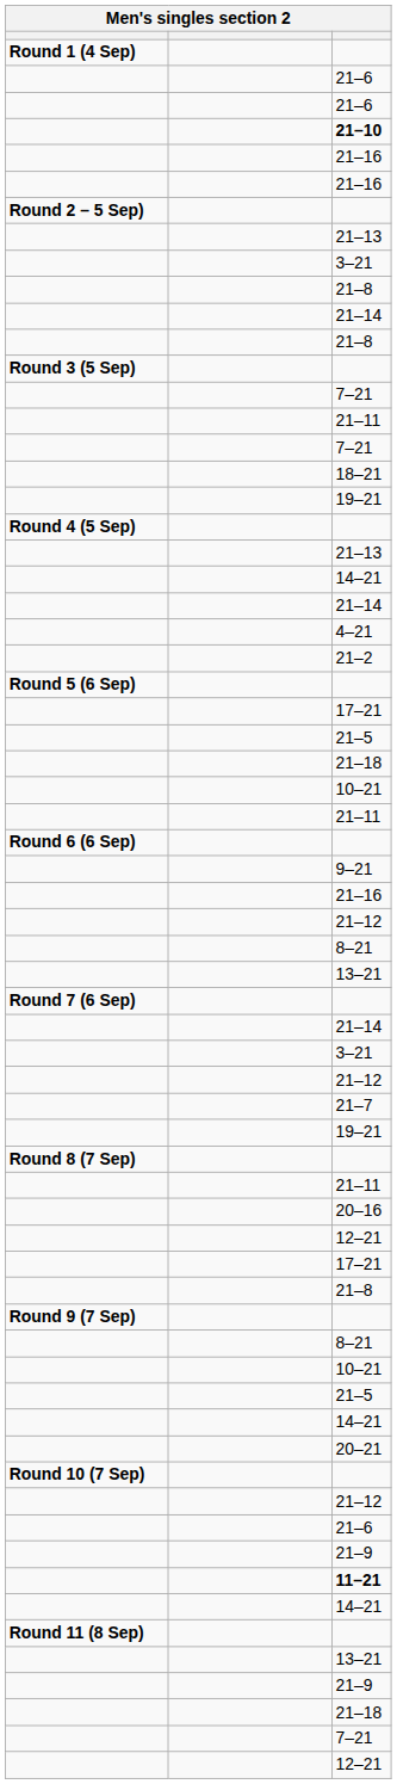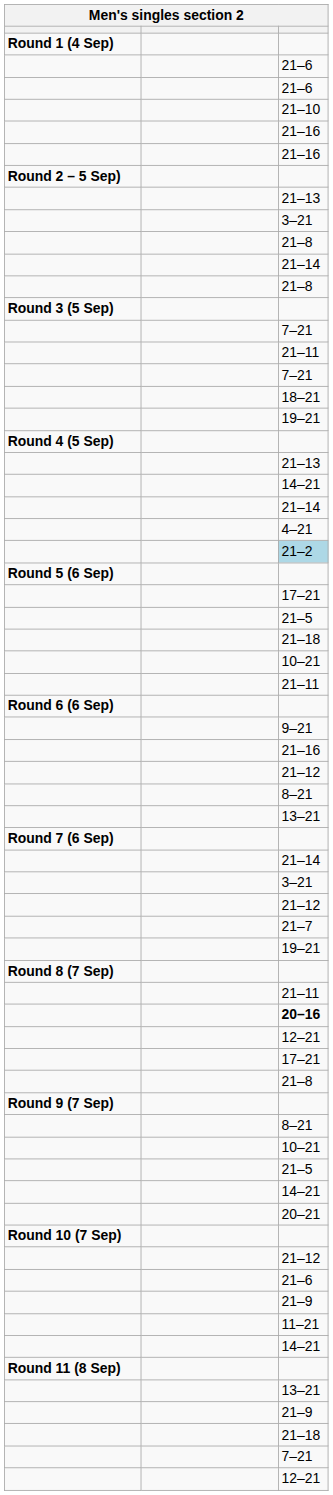 <table class="wikitable">
 <tr>
 <th colspan="3">Men's singles section 2</th>
 </tr>
 <tr>
 <th width=150></th>
 <th width=150></th>
 <th width=50></th>
 </tr>
 <tr>
 <td><strong>Round 1 (4 Sep)</strong></td>
 <td></td>
 <td></td>
 </tr>
 <tr>
 <td></td>
 <td></td>
 <td>21–6</td>
 </tr>
 <tr>
 <td></td>
 <td></td>
 <td>21–6</td>
 </tr>
 <tr>
 <td></td>
 <td></td>
-<td><strong>21–10</strong></td>
+<td>21–10</td>
 </tr>
 <tr>
 <td></td>
 <td></td>
 <td>21–16</td>
 </tr>
 <tr>
 <td></td>
 <td></td>
 <td>21–16</td>
 </tr>
 <tr>
 <td><strong>Round 2 – 5 Sep)</strong></td>
 <td></td>
 <td></td>
 </tr>
 <tr>
 <td></td>
 <td></td>
 <td>21–13</td>
 </tr>
 <tr>
 <td></td>
 <td></td>
 <td>3–21</td>
 </tr>
 <tr>
 <td></td>
 <td></td>
 <td>21–8</td>
 </tr>
 <tr>
 <td></td>
 <td></td>
 <td>21–14</td>
 </tr>
 <tr>
 <td></td>
 <td></td>
 <td>21–8</td>
 </tr>
 <tr>
 <td><strong>Round 3 (5 Sep)</strong></td>
 <td></td>
 <td></td>
 </tr>
 <tr>
 <td></td>
 <td></td>
 <td>7–21</td>
 </tr>
 <tr>
 <td></td>
 <td></td>
 <td>21–11</td>
 </tr>
 <tr>
 <td></td>
 <td></td>
 <td>7–21</td>
 </tr>
 <tr>
 <td></td>
 <td></td>
 <td>18–21</td>
 </tr>
 <tr>
 <td></td>
 <td></td>
 <td>19–21</td>
 </tr>
 <tr>
 <td><strong>Round 4 (5 Sep)</strong></td>
 <td></td>
 <td></td>
 </tr>
 <tr>
 <td></td>
 <td></td>
 <td>21–13</td>
 </tr>
 <tr>
 <td></td>
 <td></td>
 <td>14–21</td>
 </tr>
 <tr>
 <td></td>
 <td></td>
 <td>21–14</td>
 </tr>
 <tr>
 <td></td>
 <td></td>
 <td>4–21</td>
 </tr>
 <tr>
 <td></td>
 <td></td>
-<td>21–2</td>
+<td style="background: lightblue;">21–2</td>
 </tr>
 <tr>
 <td><strong>Round 5 (6 Sep)</strong></td>
 <td></td>
 <td></td>
 </tr>
 <tr>
 <td></td>
 <td></td>
 <td>17–21</td>
 </tr>
 <tr>
 <td></td>
 <td></td>
 <td>21–5</td>
 </tr>
 <tr>
 <td></td>
 <td></td>
 <td>21–18</td>
 </tr>
 <tr>
 <td></td>
 <td></td>
 <td>10–21</td>
 </tr>
 <tr>
 <td></td>
 <td></td>
 <td>21–11</td>
 </tr>
 <tr>
 <td><strong>Round 6 (6 Sep)</strong></td>
 <td></td>
 <td></td>
 </tr>
 <tr>
 <td></td>
 <td></td>
 <td>9–21</td>
 </tr>
 <tr>
 <td></td>
 <td></td>
 <td>21–16</td>
 </tr>
 <tr>
 <td></td>
 <td></td>
 <td>21–12</td>
 </tr>
 <tr>
 <td></td>
 <td></td>
 <td>8–21</td>
 </tr>
 <tr>
 <td></td>
 <td></td>
 <td>13–21</td>
 </tr>
 <tr>
 <td><strong>Round 7 (6 Sep)</strong></td>
 <td></td>
 <td></td>
 </tr>
 <tr>
 <td></td>
 <td></td>
 <td>21–14</td>
 </tr>
 <tr>
 <td></td>
 <td></td>
 <td>3–21</td>
 </tr>
 <tr>
 <td></td>
 <td></td>
 <td>21–12</td>
 </tr>
 <tr>
 <td></td>
 <td></td>
 <td>21–7</td>
 </tr>
 <tr>
 <td></td>
 <td></td>
 <td>19–21</td>
 </tr>
 <tr>
 <td><strong>Round 8 (7 Sep)</strong></td>
 <td></td>
 <td></td>
 </tr>
 <tr>
 <td></td>
 <td></td>
 <td>21–11</td>
 </tr>
 <tr>
 <td></td>
 <td></td>
-<td>20–16</td>
+<td><strong>20–16</strong></td>
 </tr>
 <tr>
 <td></td>
 <td></td>
 <td>12–21</td>
 </tr>
 <tr>
 <td></td>
 <td></td>
 <td>17–21</td>
 </tr>
 <tr>
 <td></td>
 <td></td>
 <td>21–8</td>
 </tr>
 <tr>
 <td><strong>Round 9 (7 Sep)</strong></td>
 <td></td>
 <td></td>
 </tr>
 <tr>
 <td></td>
 <td></td>
 <td>8–21</td>
 </tr>
 <tr>
 <td></td>
 <td></td>
 <td>10–21</td>
 </tr>
 <tr>
 <td></td>
 <td></td>
 <td>21–5</td>
 </tr>
 <tr>
 <td></td>
 <td></td>
 <td>14–21</td>
 </tr>
 <tr>
 <td></td>
 <td></td>
 <td>20–21</td>
 </tr>
 <tr>
 <td><strong>Round 10 (7 Sep)</strong></td>
 <td></td>
 <td></td>
 </tr>
 <tr>
 <td></td>
 <td></td>
 <td>21–12</td>
 </tr>
 <tr>
 <td></td>
 <td></td>
 <td>21–6</td>
 </tr>
 <tr>
 <td></td>
 <td></td>
 <td>21–9</td>
 </tr>
 <tr>
 <td></td>
 <td></td>
-<td><strong>11–21</strong></td>
+<td>11–21</td>
 </tr>
 <tr>
 <td></td>
 <td></td>
 <td>14–21</td>
 </tr>
 <tr>
 <td><strong>Round 11 (8 Sep)</strong></td>
 <td></td>
 <td></td>
 </tr>
 <tr>
 <td></td>
 <td></td>
 <td>13–21</td>
 </tr>
 <tr>
 <td></td>
 <td></td>
 <td>21–9</td>
 </tr>
 <tr>
 <td></td>
 <td></td>
 <td>21–18</td>
 </tr>
 <tr>
 <td></td>
 <td></td>
 <td>7–21</td>
 </tr>
 <tr>
 <td></td>
 <td></td>
 <td>12–21</td>
 </tr>
 </table>
